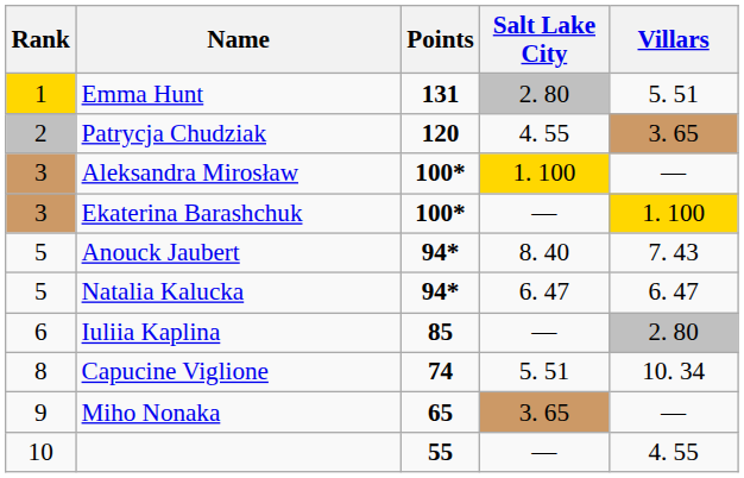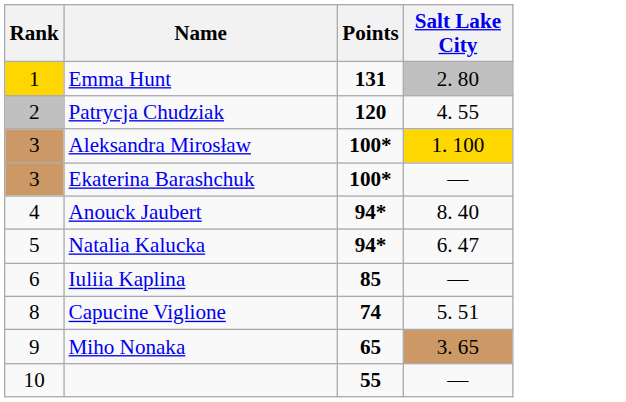 <table class="wikitable sortable">
 <tr>
 <th>Rank</th>
 <th width = "200">Name</th>
 <th>Points</th>
 <th width = "75" data-sort-type="number"><a href='#'>Salt Lake City</a></th>
-<th width = "75" data-sort-type="number"><a href='#'>Villars</a></th>
 </tr>
 <tr>
 <td align="center" style="background: gold">1</td>
 <td> <a href='#'>Emma Hunt</a></td>
 <td align="center"><strong>131</strong></td>
 <td align="center" style="background: silver">2. 80</td>
-<td align="center">5. 51</td>
 </tr>
 <tr>
 <td align="center" style="background: silver">2</td>
 <td> <a href='#'>Patrycja Chudziak</a></td>
 <td align="center"><strong>120</strong></td>
 <td align="center">4. 55</td>
-<td align="center" style="background: #cc9966">3. 65</td>
 </tr>
 <tr>
 <td align="center" style="background: #cc9966">3</td>
 <td> <a href='#'>Aleksandra Mirosław</a></td>
 <td align="center"><strong>100*</strong></td>
 <td align="center" style="background: gold">1. 100</td>
-<td align="center">—</td>
 </tr>
 <tr>
 <td align="center" style="background: #cc9966">3</td>
 <td> <a href='#'>Ekaterina Barashchuk</a></td>
 <td align="center"><strong>100*</strong></td>
 <td align="center">—</td>
-<td align="center" style="background: gold">1. 100</td>
 </tr>
 <tr>
-<td align="center">5</td>
+<td align="center">4</td>
 <td> <a href='#'>Anouck Jaubert</a></td>
 <td align="center"><strong>94*</strong></td>
 <td align="center">8. 40</td>
-<td align="center">7. 43</td>
 </tr>
 <tr>
 <td align="center">5</td>
 <td> <a href='#'>Natalia Kalucka</a></td>
 <td align="center"><strong>94*</strong></td>
-<td align="center">6. 47</td>
 <td align="center">6. 47</td>
 </tr>
 <tr>
 <td align="center">6</td>
 <td> <a href='#'>Iuliia Kaplina</a></td>
 <td align="center"><strong>85</strong></td>
 <td align="center">—</td>
-<td align="center" style="background: silver">2. 80</td>
 </tr>
 <tr>
 <td align="center">8</td>
 <td> <a href='#'>Capucine Viglione</a></td>
 <td align="center"><strong>74</strong></td>
 <td align="center">5. 51</td>
-<td align="center">10. 34</td>
 </tr>
 <tr>
 <td align="center">9</td>
 <td> <a href='#'>Miho Nonaka</a></td>
 <td align="center"><strong>65</strong></td>
 <td align="center" style="background: #cc9966">3. 65</td>
-<td align="center">—</td>
 </tr>
 <tr>
 <td align="center">10</td>
 <td></td>
 <td align="center"><strong>55</strong></td>
 <td align="center">—</td>
-<td align="center">4. 55</td>
 </tr>
 </table>
